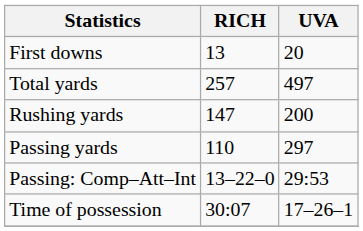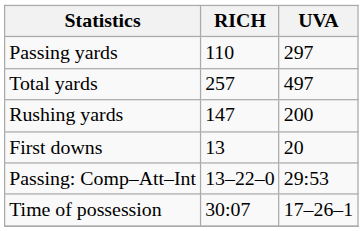 <table class="wikitable" style="float: left;">
 <tr>
 <th>Statistics</th>
 <th>RICH</th>
 <th>UVA</th>
 </tr>
 <tr>
-<td>First downs</td>
-<td>13</td>
-<td>20</td>
+<td>Passing yards</td>
+<td>110</td>
+<td>297</td>
 </tr>
 <tr>
 <td>Total yards</td>
 <td>257</td>
 <td>497</td>
 </tr>
 <tr>
 <td>Rushing yards</td>
 <td>147</td>
 <td>200</td>
 </tr>
 <tr>
-<td>Passing yards</td>
-<td>110</td>
-<td>297</td>
+<td>First downs</td>
+<td>13</td>
+<td>20</td>
 </tr>
 <tr>
 <td>Passing: Comp–Att–Int</td>
 <td>13–22–0</td>
 <td>29:53</td>
 </tr>
 <tr>
 <td>Time of possession</td>
 <td>30:07</td>
 <td>17–26–1</td>
 </tr>
 <tr>
 </tr>
 </table>
